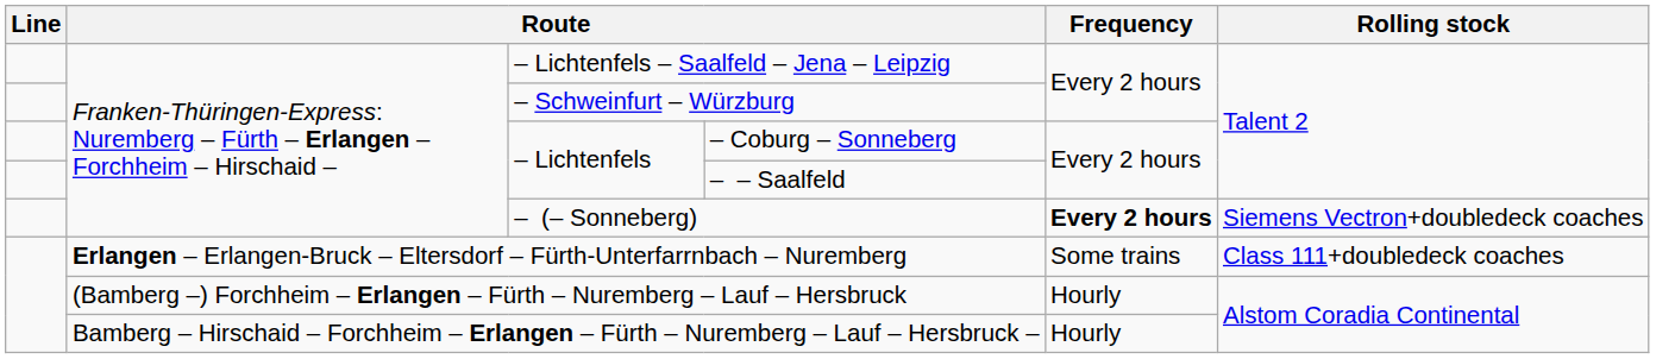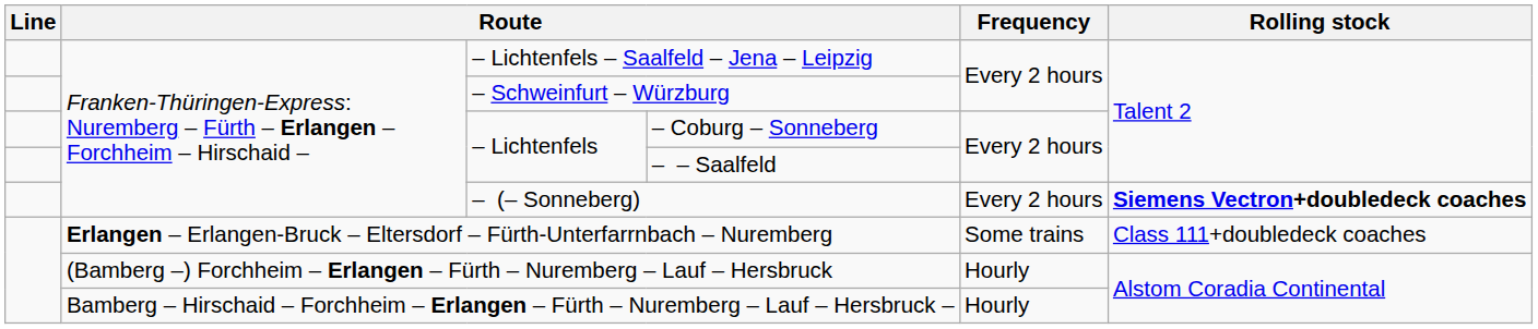 <table class="wikitable">
 <tr class="hintergrundfarbe5">
 <th>Line</th>
 <th colspan="3">Route</th>
 <th>Frequency</th>
 <th>Rolling stock</th>
 </tr>
 <tr>
 <td style="text-align:center"></td>
 <td rowspan="5"><em>Franken-Thüringen-Express</em>:<br><a href='#'>Nuremberg</a> – <a href='#'>Fürth</a> – <strong>Erlangen</strong> –<br><a href='#'>Forchheim</a> – Hirschaid – </td>
 <td colspan="2">– Lichtenfels – <a href='#'>Saalfeld</a> – <a href='#'>Jena</a> – <a href='#'>Leipzig</a></td>
 <td rowspan="2">Every 2 hours</td>
 <td rowspan="4"><a href='#'>Talent 2</a></td>
 </tr>
 <tr>
 <td style="text-align:center"></td>
 <td colspan="2">– <a href='#'>Schweinfurt</a> – <a href='#'>Würzburg</a></td>
 </tr>
 <tr>
 <td style="text-align:center"></td>
 <td rowspan="2">– Lichtenfels</td>
 <td>– Coburg – <a href='#'>Sonneberg</a></td>
 <td rowspan="2">Every 2 hours</td>
 </tr>
 <tr>
 <td style="text-align:center"></td>
 <td>–  – Saalfeld</td>
 </tr>
 <tr>
 <td style="text-align:center"></td>
 <td colspan="2">–  (– Sonneberg)</td>
-<td><strong>Every 2 hours</strong></td>
-<td><a href='#'>Siemens Vectron</a>+doubledeck coaches</td>
+<td>Every 2 hours</td>
+<td><strong><a href='#'>Siemens Vectron</a>+doubledeck coaches</strong></td>
 </tr>
 <tr>
 <td rowspan="3" style="text-align:center"></td>
 <td colspan="3"><strong>Erlangen</strong> – Erlangen-Bruck – Eltersdorf – Fürth-Unterfarrnbach – Nuremberg</td>
 <td>Some trains</td>
 <td><a href='#'>Class 111</a>+doubledeck coaches</td>
 </tr>
 <tr>
 <td colspan="3">(Bamberg –) Forchheim – <strong>Erlangen</strong> – Fürth – Nuremberg – Lauf – Hersbruck</td>
 <td>Hourly</td>
 <td rowspan="2"><a href='#'>Alstom Coradia Continental</a></td>
 </tr>
 <tr>
 <td colspan="3">Bamberg – Hirschaid – Forchheim – <strong>Erlangen</strong> – Fürth – Nuremberg – Lauf – Hersbruck – </td>
 <td>Hourly</td>
 </tr>
 </table>
